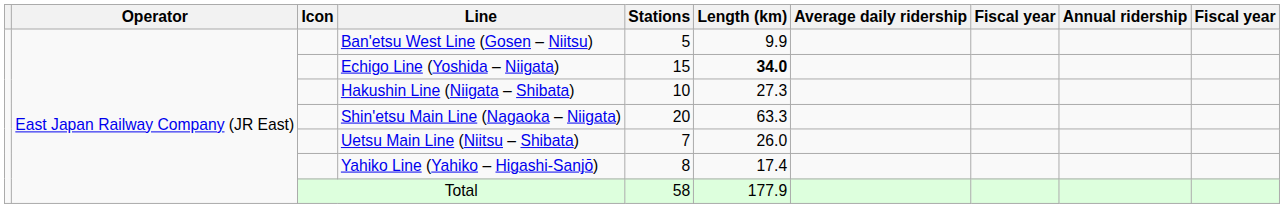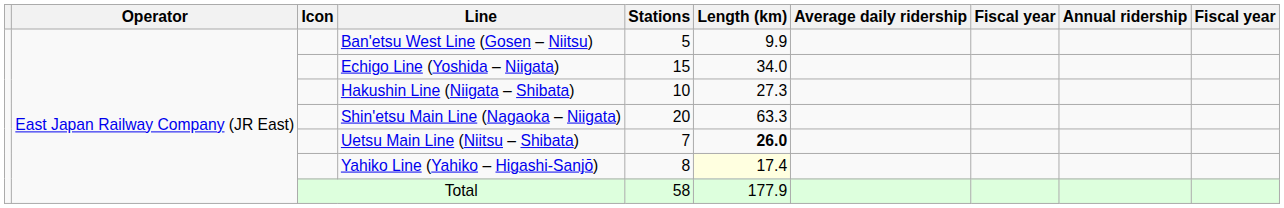 <table class="wikitable sortable">
 <tr>
 <th></th>
 <th>Operator</th>
 <th>Icon</th>
 <th>Line</th>
 <th>Stations</th>
 <th>Length (km)</th>
 <th>Average daily ridership</th>
 <th>Fiscal year</th>
 <th>Annual ridership</th>
 <th>Fiscal year</th>
 </tr>
 <tr>
 <td rowspan="7" style="text-align:center"></td>
 <td rowspan="7"><br><a href='#'>East Japan Railway Company</a> (JR East)</td>
 <td></td>
 <td><a href='#'>Ban'etsu West Line</a> (<a href='#'>Gosen</a> ‒ <a href='#'>Niitsu</a>)</td>
 <td style="text-align:right">5</td>
 <td style="text-align:right">9.9</td>
 <td></td>
 <td></td>
 <td></td>
 <td></td>
 </tr>
 <tr>
 <td></td>
 <td><a href='#'>Echigo Line</a> (<a href='#'>Yoshida</a> ‒ <a href='#'>Niigata</a>)</td>
 <td style="text-align:right">15</td>
-<td style="text-align:right"><strong>34.0</strong></td>
+<td style="text-align:right">34.0</td>
 <td></td>
 <td></td>
 <td></td>
 <td></td>
 </tr>
 <tr>
 <td></td>
 <td><a href='#'>Hakushin Line</a> (<a href='#'>Niigata</a> ‒ <a href='#'>Shibata</a>)</td>
 <td style="text-align:right">10</td>
 <td style="text-align:right">27.3</td>
 <td></td>
 <td></td>
 <td></td>
 <td></td>
 </tr>
 <tr>
 <td></td>
 <td><a href='#'>Shin'etsu Main Line</a> (<a href='#'>Nagaoka</a> ‒ <a href='#'>Niigata</a>)</td>
 <td style="text-align:right">20</td>
 <td style="text-align:right">63.3</td>
 <td></td>
 <td></td>
 <td></td>
 <td></td>
 </tr>
 <tr>
 <td></td>
 <td><a href='#'>Uetsu Main Line</a> (<a href='#'>Niitsu</a> ‒ <a href='#'>Shibata</a>)</td>
 <td style="text-align:right">7</td>
-<td style="text-align:right">26.0</td>
+<td style="text-align:right"><strong>26.0</strong></td>
 <td></td>
 <td></td>
 <td></td>
 <td></td>
 </tr>
 <tr>
 <td></td>
 <td><a href='#'>Yahiko Line</a> (<a href='#'>Yahiko</a> ‒ <a href='#'>Higashi-Sanjō</a>)</td>
 <td style="text-align:right">8</td>
-<td style="text-align:right">17.4</td>
+<td style="background: lightyellow; text-align:right">17.4</td>
 <td></td>
 <td></td>
 <td></td>
 <td></td>
 </tr>
 <tr style="background:#ddffdd;">
 <td colspan="2" style="text-align:center;">Total</td>
 <td style="text-align:right">58</td>
 <td style="text-align:right">177.9</td>
 <td></td>
 <td></td>
 <td></td>
 <td></td>
 </tr>
 </table>
